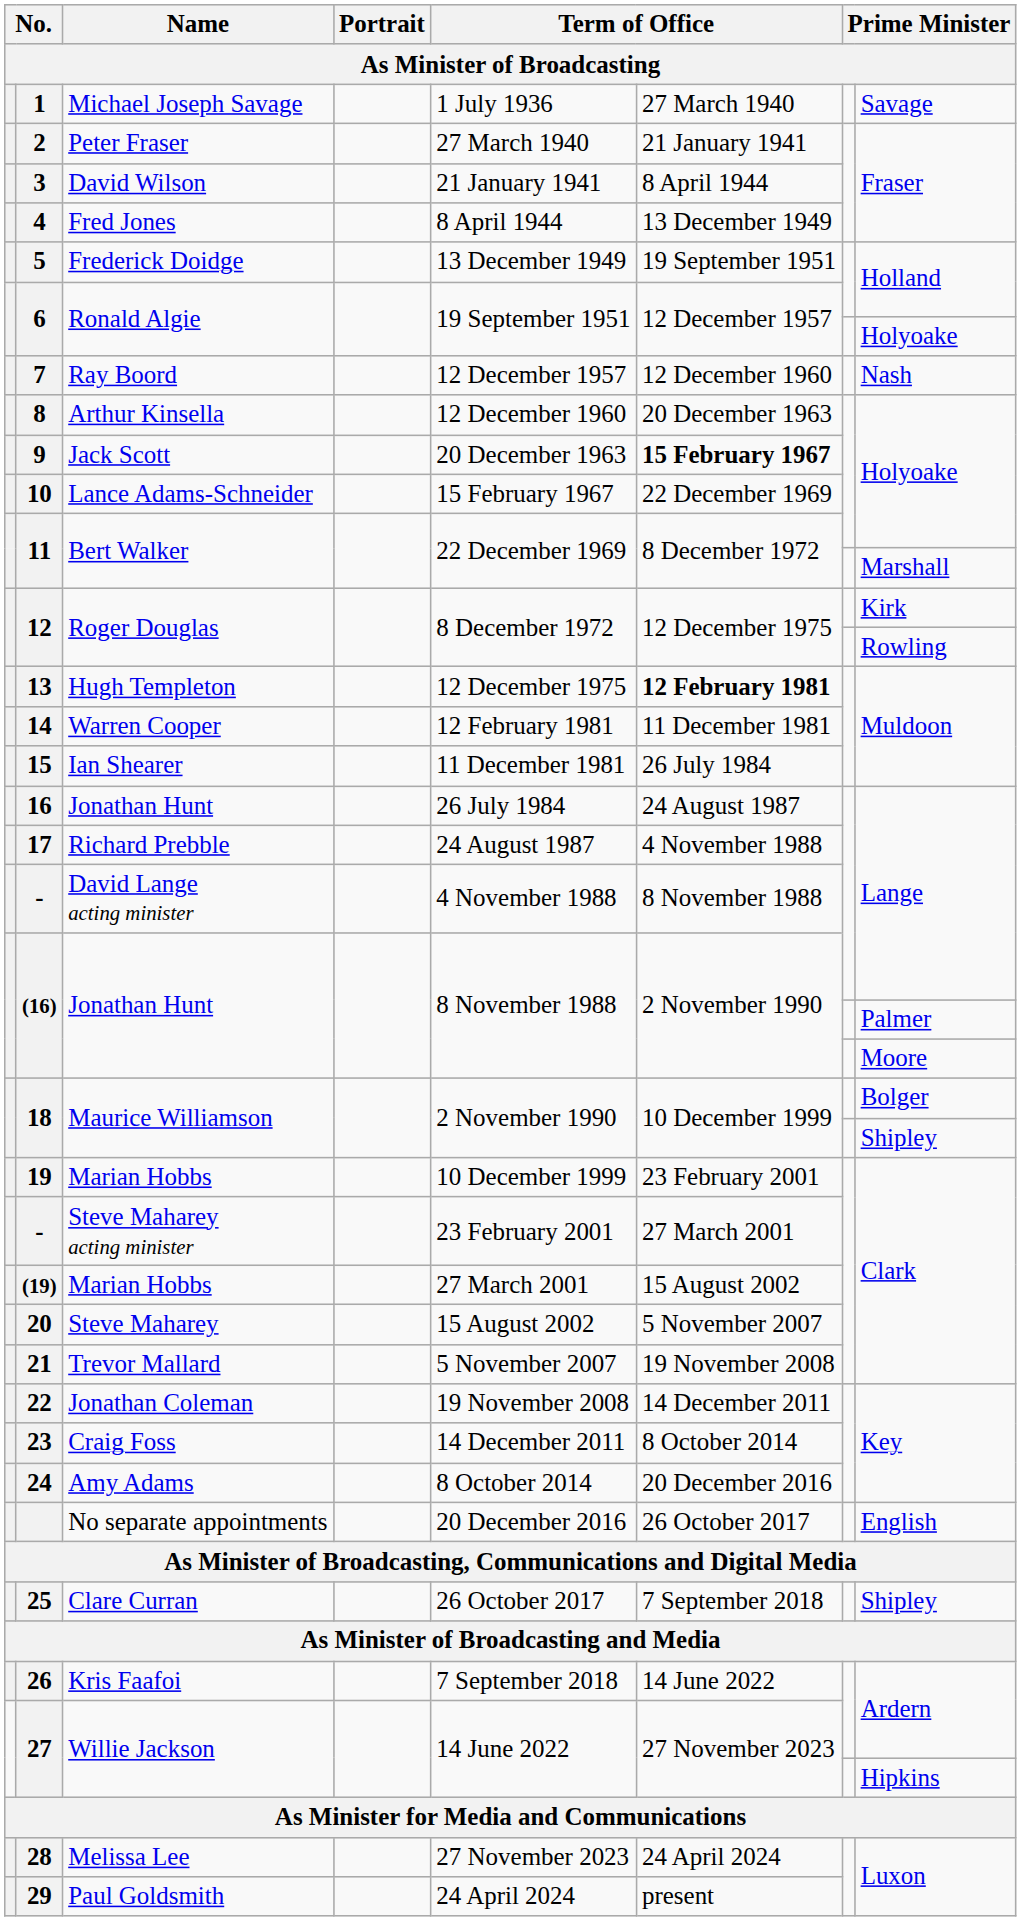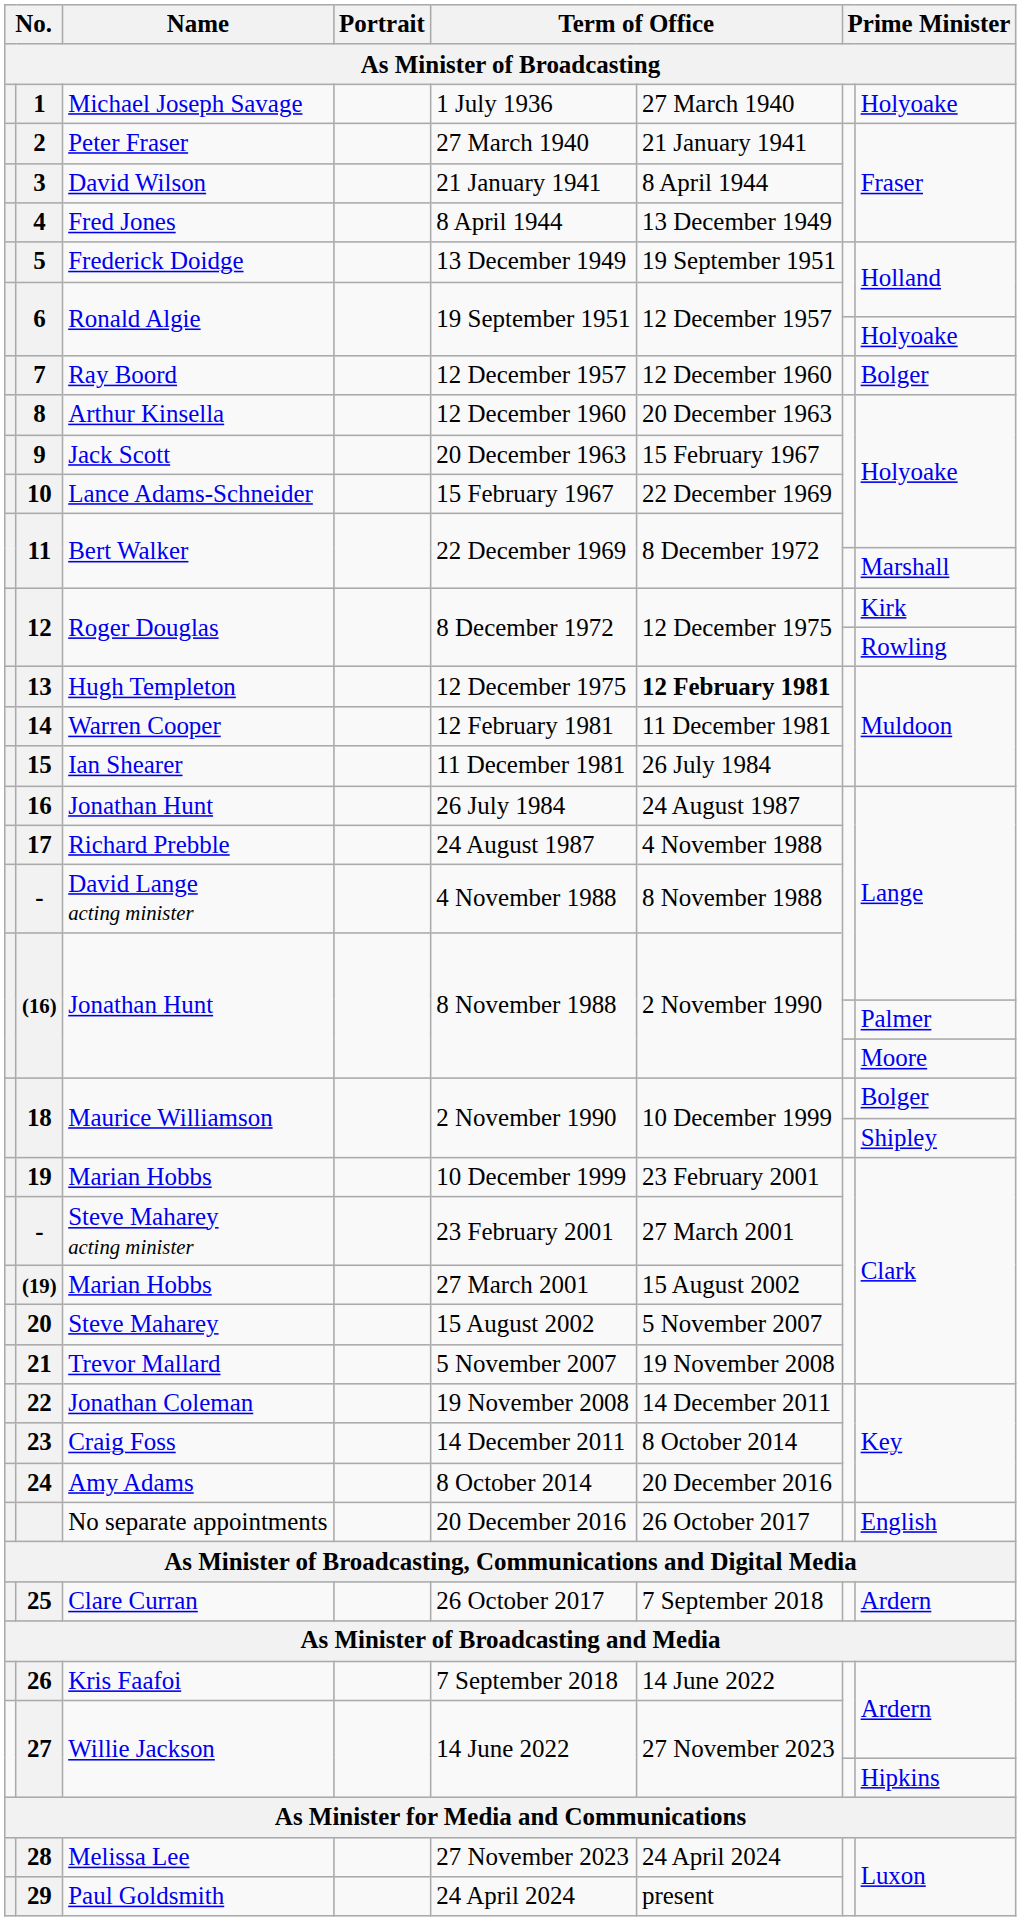 <table class="wikitable">
 <tr>
 <th colspan=2>No.</th>
 <th>Name</th>
 <th>Portrait</th>
 <th colspan=2>Term of Office</th>
 <th colspan=2>Prime Minister</th>
 </tr>
 <tr>
 <th colspan=8>As Minister of Broadcasting</th>
 </tr>
 <tr>
 <th style="color:inherit;background:"></th>
 <th>1</th>
 <td><a href='#'>Michael Joseph Savage</a></td>
 <td></td>
 <td>1 July 1936</td>
 <td>27 March 1940</td>
 <td width=1 style="color:inherit;background:"></td>
-<td><a href='#'>Savage</a></td>
+<td><a href='#'>Holyoake</a></td>
 </tr>
 <tr>
 <th style="color:inherit;background:"></th>
 <th>2</th>
 <td><a href='#'>Peter Fraser</a></td>
 <td></td>
 <td>27 March 1940</td>
 <td>21 January 1941</td>
 <td rowspan="3" style="color:inherit;background:"></td>
 <td rowspan="3"><a href='#'>Fraser</a></td>
 </tr>
 <tr>
 <th style="color:inherit;background:"></th>
 <th>3</th>
 <td><a href='#'>David Wilson</a></td>
 <td></td>
 <td>21 January 1941</td>
 <td>8 April 1944</td>
 </tr>
 <tr>
 <th style="color:inherit;background:"></th>
 <th>4</th>
 <td><a href='#'>Fred Jones</a></td>
 <td></td>
 <td>8 April 1944</td>
 <td>13 December 1949</td>
 </tr>
 <tr>
 <th style="color:inherit;background:"></th>
 <th>5</th>
 <td><a href='#'>Frederick Doidge</a></td>
 <td></td>
 <td>13 December 1949</td>
 <td>19 September 1951</td>
 <td style="border-bottom:solid 0 grey; background:"></td>
 <td rowspan=2><a href='#'>Holland</a></td>
 </tr>
 <tr>
 <th rowspan=2 style="color:inherit;background:"></th>
 <th rowspan=2>6</th>
 <td rowspan=2><a href='#'>Ronald Algie</a></td>
 <td rowspan=2></td>
 <td rowspan=2>19 September 1951</td>
 <td rowspan=2>12 December 1957</td>
 <td height=15 style="border-top:solid 0 grey; background:"></td>
 </tr>
 <tr>
 <td height=15 style="color:inherit;background:"></td>
 <td><a href='#'>Holyoake</a></td>
 </tr>
 <tr>
 <th style="color:inherit;background:"></th>
 <th>7</th>
 <td><a href='#'>Ray Boord</a></td>
 <td></td>
 <td>12 December 1957</td>
 <td>12 December 1960</td>
 <td width=1 style="color:inherit;background:"></td>
-<td><a href='#'>Nash</a></td>
+<td><a href='#'>Bolger</a></td>
 </tr>
 <tr>
 <th style="color:inherit;background:"></th>
 <th>8</th>
 <td><a href='#'>Arthur Kinsella</a></td>
 <td></td>
 <td>12 December 1960</td>
 <td>20 December 1963</td>
 <td rowspan="4" style="color:inherit;background:"></td>
 <td rowspan="4"><a href='#'>Holyoake</a></td>
 </tr>
 <tr>
 <th style="color:inherit;background:"></th>
 <th>9</th>
 <td><a href='#'>Jack Scott</a></td>
 <td></td>
 <td>20 December 1963</td>
-<td><strong>15 February 1967</strong></td>
+<td>15 February 1967</td>
 </tr>
 <tr>
 <th style="color:inherit;background:"></th>
 <th>10</th>
 <td><a href='#'>Lance Adams-Schneider</a></td>
 <td></td>
 <td>15 February 1967</td>
 <td>22 December 1969</td>
 </tr>
 <tr>
 <th height=15 style="border-bottom:solid 0 grey; background:"></th>
 <th rowspan="2">11</th>
 <td rowspan="2"><a href='#'>Bert Walker</a></td>
 <td rowspan="2"></td>
 <td rowspan="2">22 December 1969</td>
 <td rowspan="2">8 December 1972</td>
 </tr>
 <tr>
 <th height=15 style="border-top:solid 0 grey; background:"></th>
 <td style="color:inherit;background:"></td>
 <td><a href='#'>Marshall</a></td>
 </tr>
 <tr>
 <th rowspan=2 style="color:inherit;background:"></th>
 <th rowspan=2>12</th>
 <td rowspan=2><a href='#'>Roger Douglas</a></td>
 <td rowspan=2></td>
 <td rowspan=2>8 December 1972</td>
 <td rowspan=2>12 December 1975</td>
 <td style="color:inherit;background:"></td>
 <td><a href='#'>Kirk</a></td>
 </tr>
 <tr>
 <td style="color:inherit;background:"></td>
 <td><a href='#'>Rowling</a></td>
 </tr>
 <tr>
 <th style="color:inherit;background:"></th>
 <th>13</th>
 <td><a href='#'>Hugh Templeton</a></td>
 <td></td>
 <td>12 December 1975</td>
 <td><strong>12 February 1981</strong></td>
 <td rowspan=3 style="color:inherit;background:"></td>
 <td rowspan=3><a href='#'>Muldoon</a></td>
 </tr>
 <tr>
 <th style="color:inherit;background:"></th>
 <th>14</th>
 <td><a href='#'>Warren Cooper</a></td>
 <td></td>
 <td>12 February 1981</td>
 <td>11 December 1981</td>
 </tr>
 <tr>
 <th style="color:inherit;background:"></th>
 <th>15</th>
 <td><a href='#'>Ian Shearer</a></td>
 <td></td>
 <td>11 December 1981</td>
 <td>26 July 1984</td>
 </tr>
 <tr>
 <th style="color:inherit;background:"></th>
 <th>16</th>
 <td><a href='#'>Jonathan Hunt</a></td>
 <td></td>
 <td>26 July 1984</td>
 <td>24 August 1987</td>
 <td rowspan=3 style="border-bottom:solid 0 grey; background:"></td>
 <td rowspan=4><a href='#'>Lange</a></td>
 </tr>
 <tr>
 <th style="color:inherit;background:"></th>
 <th>17</th>
 <td><a href='#'>Richard Prebble</a></td>
 <td></td>
 <td>24 August 1987</td>
 <td>4 November 1988</td>
 </tr>
 <tr>
 <th style="color:inherit;background:"></th>
 <th>-</th>
 <td><a href='#'>David Lange</a><br><small><em>acting minister</em></small></td>
 <td></td>
 <td>4 November 1988</td>
 <td>8 November 1988</td>
 </tr>
 <tr>
 <th rowspan=3 style="color:inherit;background:"></th>
 <th rowspan=3><small>(16)</small></th>
 <td rowspan=3><a href='#'>Jonathan Hunt</a></td>
 <td rowspan=3></td>
 <td rowspan=3>8 November 1988</td>
 <td rowspan=3>2 November 1990</td>
 <td height=36 style="border-top:solid 0 grey; background:"></td>
 </tr>
 <tr>
 <td style="color:inherit;background:"></td>
 <td><a href='#'>Palmer</a></td>
 </tr>
 <tr>
 <td style="color:inherit;background:"></td>
 <td><a href='#'>Moore</a></td>
 </tr>
 <tr>
 <th rowspan=2 style="color:inherit;background:"></th>
 <th rowspan=2>18</th>
 <td rowspan=2><a href='#'>Maurice Williamson</a></td>
 <td rowspan=2></td>
 <td rowspan=2>2 November 1990</td>
 <td rowspan=2>10 December 1999</td>
 <td style="color:inherit;background:"></td>
 <td><a href='#'>Bolger</a></td>
 </tr>
 <tr>
 <td style="color:inherit;background:"></td>
 <td><a href='#'>Shipley</a></td>
 </tr>
 <tr>
 <th style="color:inherit;background:"></th>
 <th>19</th>
 <td><a href='#'>Marian Hobbs</a></td>
 <td></td>
 <td>10 December 1999</td>
 <td>23 February 2001</td>
 <td rowspan=5 height=15 style="border-top:solid 0 gray; background:"></td>
 <td rowspan="5"><a href='#'>Clark</a></td>
 </tr>
 <tr>
 <th style="color:inherit;background:"></th>
 <th>-</th>
 <td><a href='#'>Steve Maharey</a><br><small><em>acting minister</em></small></td>
 <td></td>
 <td>23 February 2001</td>
 <td>27 March 2001</td>
 </tr>
 <tr>
 <th style="color:inherit;background:"></th>
 <th><small>(19)</small></th>
 <td><a href='#'>Marian Hobbs</a></td>
 <td></td>
 <td>27 March 2001</td>
 <td>15 August 2002</td>
 </tr>
 <tr>
 <th style="color:inherit;background:"></th>
 <th>20</th>
 <td><a href='#'>Steve Maharey</a></td>
 <td></td>
 <td>15 August 2002</td>
 <td>5 November 2007</td>
 </tr>
 <tr>
 <th style="color:inherit;background:"></th>
 <th>21</th>
 <td><a href='#'>Trevor Mallard</a></td>
 <td></td>
 <td>5 November 2007</td>
 <td>19 November 2008</td>
 </tr>
 <tr>
 <th style="color:inherit;background:"></th>
 <th>22</th>
 <td><a href='#'>Jonathan Coleman</a></td>
 <td></td>
 <td>19 November 2008</td>
 <td>14 December 2011</td>
 <td rowspan="3" height="15" style="border-top:solid 0 gray; background:"></td>
 <td rowspan="3"><a href='#'>Key</a></td>
 </tr>
 <tr>
 <th style="color:inherit;background:"></th>
 <th>23</th>
 <td><a href='#'>Craig Foss</a></td>
 <td></td>
 <td>14 December 2011</td>
 <td>8 October 2014</td>
 </tr>
 <tr>
 <th style="color:inherit;background:"></th>
 <th>24</th>
 <td><a href='#'>Amy Adams</a></td>
 <td></td>
 <td>8 October 2014</td>
 <td>20 December 2016</td>
 </tr>
 <tr>
 <th></th>
 <th></th>
 <td>No separate appointments</td>
 <td></td>
 <td>20 December 2016</td>
 <td>26 October 2017</td>
 <td style="color:inherit;background:"></td>
 <td><a href='#'>English</a></td>
 </tr>
 <tr>
 <th colspan=8>As Minister of Broadcasting, Communications and Digital Media</th>
 </tr>
 <tr>
 <th style="color:inherit;background:"></th>
 <th>25</th>
 <td><a href='#'>Clare Curran</a></td>
 <td></td>
 <td>26 October 2017</td>
 <td>7 September 2018</td>
 <td style="color:inherit;background:"></td>
-<td><a href='#'>Shipley</a></td>
+<td><a href='#'>Ardern</a></td>
 </tr>
 <tr>
 <th colspan=8>As Minister of Broadcasting and Media</th>
 </tr>
 <tr>
 <th style="color:inherit;background:"></th>
 <th>26</th>
 <td><a href='#'>Kris Faafoi</a></td>
 <td></td>
 <td>7 September 2018</td>
 <td>14 June 2022</td>
 <td rowspan=2 style="color:inherit;background:"></td>
 <td rowspan=2><a href='#'>Ardern</a></td>
 </tr>
 <tr>
 <td height=30 style="border-bottom:solid 0 grey; background:"></td>
 <th rowspan=2>27</th>
 <td rowspan=2><a href='#'>Willie Jackson</a></td>
 <td rowspan=2></td>
 <td rowspan=2>14 June 2022</td>
 <td rowspan=2>27 November 2023</td>
 </tr>
 <tr>
 <td style="border-top:solid 0 grey; background:"></td>
 <td style="color:inherit;background:"></td>
 <td><a href='#'>Hipkins</a></td>
 </tr>
 <tr>
 <th colspan=8>As Minister for Media and Communications</th>
 </tr>
 <tr>
 <th style="color:inherit;background:"></th>
 <th>28</th>
 <td><a href='#'>Melissa Lee</a></td>
 <td></td>
 <td>27 November 2023</td>
 <td>24 April 2024</td>
 <td rowspan=2 style="color:inherit;background:"></td>
 <td rowspan=2><a href='#'>Luxon</a></td>
 </tr>
 <tr>
 <th style="color:inherit;background:"></th>
 <th>29</th>
 <td><a href='#'>Paul Goldsmith</a></td>
 <td></td>
 <td>24 April 2024</td>
 <td>present</td>
 </tr>
 </table>
